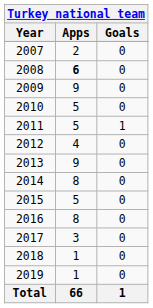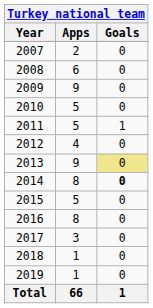 <table class="wikitable" style="text-align:center">
 <tr>
 <th colspan=3><a href='#'>Turkey national team</a></th>
 </tr>
 <tr>
 <th>Year</th>
 <th>Apps</th>
 <th>Goals</th>
 </tr>
 <tr>
 </tr>
 <tr>
 <td>2007</td>
 <td>2</td>
 <td>0</td>
 </tr>
 <tr>
 <td>2008</td>
-<td><strong>6</strong></td>
+<td>6</td>
 <td>0</td>
 </tr>
 <tr>
 <td>2009</td>
 <td>9</td>
 <td>0</td>
 </tr>
 <tr>
 <td>2010</td>
 <td>5</td>
 <td>0</td>
 </tr>
 <tr>
 <td>2011</td>
 <td>5</td>
 <td>1</td>
 </tr>
 <tr>
 <td>2012</td>
 <td>4</td>
 <td>0</td>
 </tr>
 <tr>
 <td>2013</td>
 <td>9</td>
-<td>0</td>
+<td style="background: khaki;">0</td>
 </tr>
 <tr>
 <td>2014</td>
 <td>8</td>
-<td>0</td>
+<td><strong>0</strong></td>
 </tr>
 <tr>
 <td>2015</td>
 <td>5</td>
 <td>0</td>
 </tr>
 <tr>
 <td>2016</td>
 <td>8</td>
 <td>0</td>
 </tr>
 <tr>
 <td>2017</td>
 <td>3</td>
 <td>0</td>
 </tr>
 <tr>
 <td>2018</td>
 <td>1</td>
 <td>0</td>
 </tr>
 <tr>
 <td>2019</td>
 <td>1</td>
 <td>0</td>
 </tr>
 <tr>
 <th>Total</th>
 <th>66</th>
 <th>1</th>
 </tr>
 </table>
